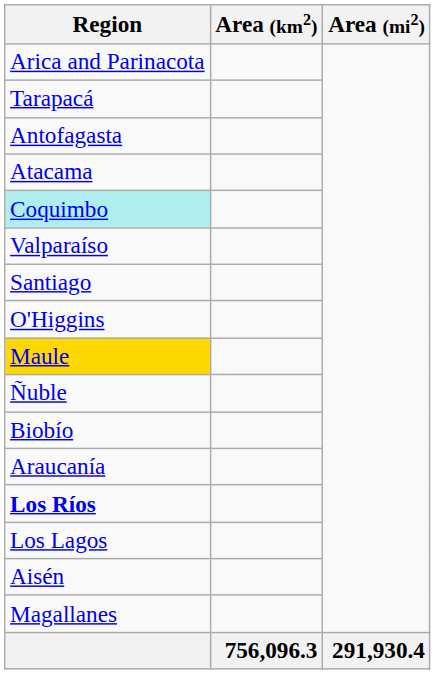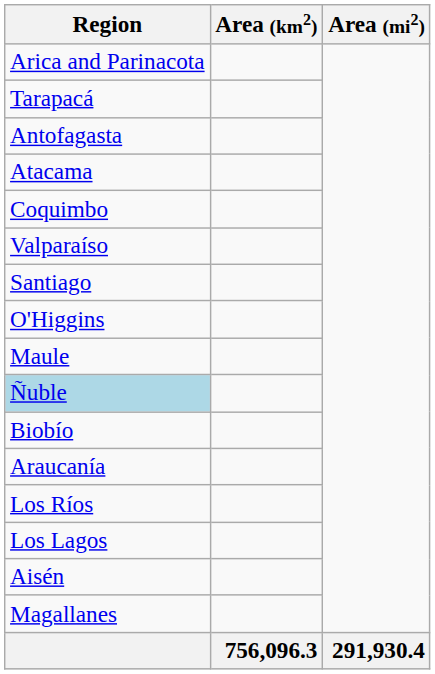 <table class="wikitable sortable" style="text-align:right">
 <tr>
 <th>Region</th>
 <th>Area <small>(km<sup>2</sup>)</small></th>
 <th>Area <small>(mi<sup>2</sup>)</small></th>
 </tr>
 <tr>
 <td align="left"><a href='#'>Arica and Parinacota</a></td>
 <td></td>
 </tr>
 <tr>
 <td align="left"><a href='#'>Tarapacá</a></td>
 <td></td>
 </tr>
 <tr>
 <td align="left"><a href='#'>Antofagasta</a></td>
 <td></td>
 </tr>
 <tr>
 <td align="left"><a href='#'>Atacama</a></td>
 <td></td>
 </tr>
 <tr>
-<td align="left" style="background: paleturquoise;"><a href='#'>Coquimbo</a></td>
+<td align="left"><a href='#'>Coquimbo</a></td>
 <td></td>
 </tr>
 <tr>
 <td align="left"><a href='#'>Valparaíso</a></td>
 <td></td>
 </tr>
 <tr>
 <td align="left"><a href='#'>Santiago</a></td>
 <td></td>
 </tr>
 <tr>
 <td align="left"><a href='#'>O'Higgins</a></td>
 <td></td>
 </tr>
 <tr>
-<td align="left" style="background: gold;"><a href='#'>Maule</a></td>
+<td align="left"><a href='#'>Maule</a></td>
 <td></td>
 </tr>
 <tr>
-<td align="left"><a href='#'>Ñuble</a></td>
+<td align="left" style="background: lightblue;"><a href='#'>Ñuble</a></td>
 <td></td>
 </tr>
 <tr>
 <td align="left"><a href='#'>Biobío</a></td>
 <td></td>
 </tr>
 <tr>
 <td align="left"><a href='#'>Araucanía</a></td>
 <td></td>
 </tr>
 <tr>
-<td align="left"><strong><a href='#'>Los Ríos</a></strong></td>
+<td align="left"><a href='#'>Los Ríos</a></td>
 <td></td>
 </tr>
 <tr>
 <td align="left"><a href='#'>Los Lagos</a></td>
 <td></td>
 </tr>
 <tr>
 <td align="left"><a href='#'>Aisén</a></td>
 <td></td>
 </tr>
 <tr>
 <td align="left"><a href='#'>Magallanes</a></td>
 <td></td>
 </tr>
 <tr style="background-color:#f2f2f2">
 <td align="left"><strong></strong></td>
 <td><strong>756,096.3</strong></td>
 <td><strong>291,930.4</strong></td>
 </tr>
 </table>
